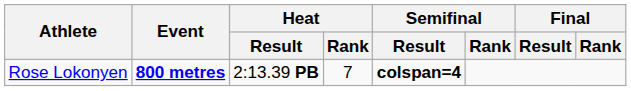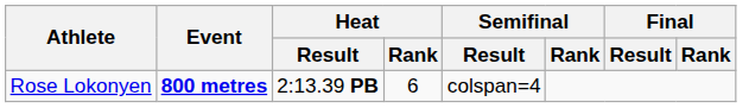 <table class="wikitable"  style=font-size:90%>
 <tr>
 <th rowspan="2">Athlete</th>
 <th rowspan="2">Event</th>
 <th colspan="2">Heat</th>
 <th colspan="2">Semifinal</th>
 <th colspan="2">Final</th>
 </tr>
 <tr>
 <th>Result</th>
 <th>Rank</th>
 <th>Result</th>
 <th>Rank</th>
 <th>Result</th>
 <th>Rank</th>
 </tr>
 <tr style=text-align:center>
 <td style=text-align:left><a href='#'>Rose Lokonyen</a></td>
 <td style=text-align:left><strong><a href='#'>800 metres</a></strong></td>
 <td>2:13.39 <strong>PB</strong></td>
-<td>7</td>
-<td><strong>colspan=4 </strong></td>
+<td>6</td>
+<td>colspan=4 </td>
 </tr>
 </table>
